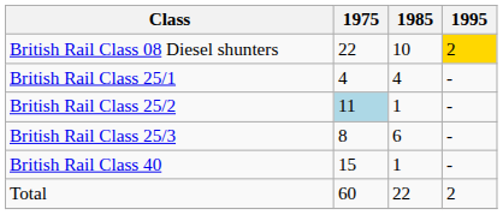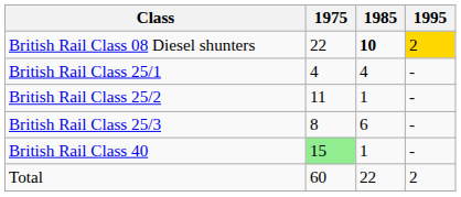 <table class="wikitable plainrowheaders">
 <tr>
 <th scope="col" width="280">Class</th>
 <th scope="col" width="40">1975</th>
 <th scope="col" width="40">1985</th>
 <th scope="col" width="40">1995</th>
 </tr>
 <tr>
 <td><a href='#'>British Rail Class 08</a> Diesel shunters</td>
 <td>22</td>
-<td>10</td>
+<td><strong>10</strong></td>
 <td style="background: gold;">2</td>
 </tr>
 <tr>
 <td><a href='#'>British Rail Class 25/1</a></td>
 <td>4</td>
 <td>4</td>
 <td>-</td>
 </tr>
 <tr>
 <td><a href='#'>British Rail Class 25/2</a></td>
-<td style="background: lightblue;">11</td>
+<td>11</td>
 <td>1</td>
 <td>-</td>
 </tr>
 <tr>
 <td><a href='#'>British Rail Class 25/3</a></td>
 <td>8</td>
 <td>6</td>
 <td>-</td>
 </tr>
 <tr>
 <td><a href='#'>British Rail Class 40</a></td>
-<td>15</td>
+<td style="background: lightgreen;">15</td>
 <td>1</td>
 <td>-</td>
 </tr>
 <tr>
 <td>Total</td>
 <td>60</td>
 <td>22</td>
 <td>2</td>
 </tr>
 <tr>
 </tr>
 </table>
